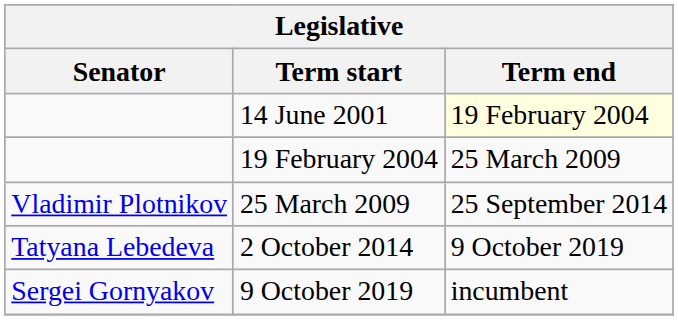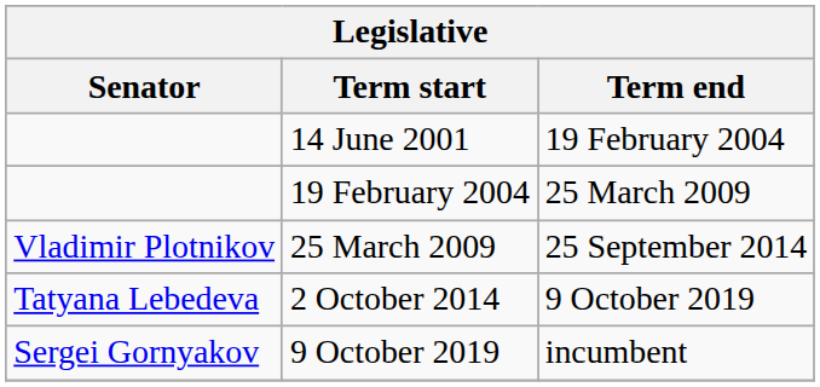 <table class="wikitable sortable">
 <tr>
 <th colspan=3>Legislative</th>
 </tr>
 <tr>
 <th>Senator</th>
 <th>Term start</th>
 <th>Term end</th>
 </tr>
 <tr>
 <td></td>
 <td>14 June 2001</td>
-<td style="background: lightyellow;">19 February 2004</td>
+<td>19 February 2004</td>
 </tr>
 <tr>
 <td></td>
 <td>19 February 2004</td>
 <td>25 March 2009</td>
 </tr>
 <tr>
 <td><a href='#'>Vladimir Plotnikov</a></td>
 <td>25 March 2009</td>
 <td>25 September 2014</td>
 </tr>
 <tr>
 <td><a href='#'>Tatyana Lebedeva</a></td>
 <td>2 October 2014</td>
 <td>9 October 2019</td>
 </tr>
 <tr>
 <td><a href='#'>Sergei Gornyakov</a></td>
 <td>9 October 2019</td>
 <td>incumbent</td>
 </tr>
 <tr>
 </tr>
 </table>
